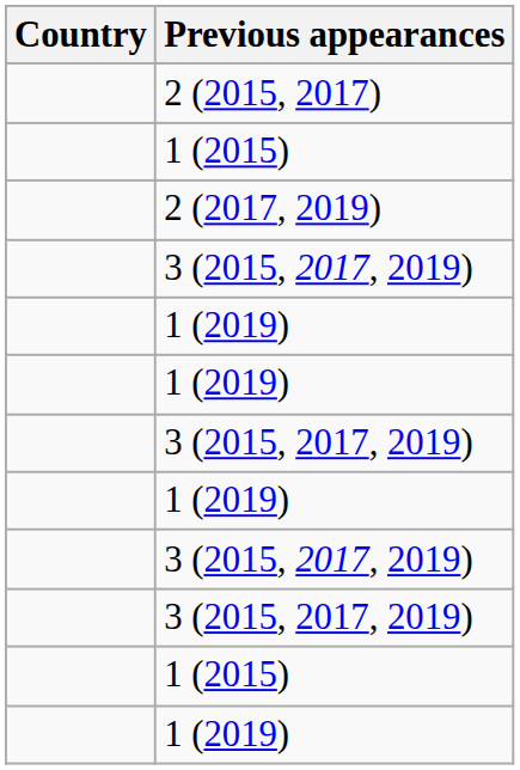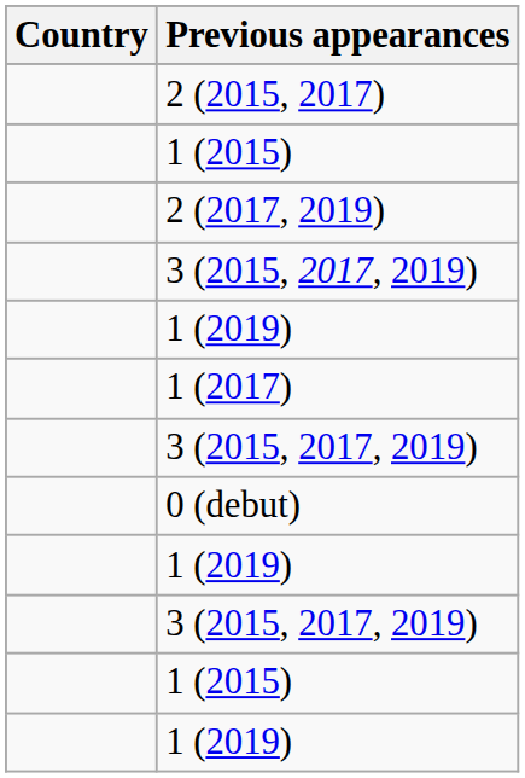 <table class="wikitable sortable">
 <tr>
 <th>Country</th>
 <th>Previous appearances</th>
 </tr>
 <tr>
 <td></td>
 <td>2 (<a href='#'>2015</a>, <a href='#'>2017</a>)</td>
 </tr>
 <tr>
 <td></td>
 <td>1 (<a href='#'>2015</a>)</td>
 </tr>
 <tr>
 <td></td>
 <td>2 (<a href='#'>2017</a>, <a href='#'>2019</a>)</td>
 </tr>
 <tr>
 <td></td>
 <td>3 (<a href='#'>2015</a>, <em><a href='#'>2017</a></em>, <a href='#'>2019</a>)</td>
 </tr>
 <tr>
 <td></td>
 <td>1 (<a href='#'>2019</a>)</td>
 </tr>
 <tr>
 <td></td>
-<td>1 (<a href='#'>2019</a>)</td>
+<td>1 (<a href='#'>2017</a>)</td>
 </tr>
 <tr>
 <td></td>
 <td>3 (<a href='#'>2015</a>, <a href='#'>2017</a>, <a href='#'>2019</a>)</td>
 </tr>
 <tr>
 <td></td>
-<td>1 (<a href='#'>2019</a>)</td>
+<td>0 (debut)</td>
 </tr>
 <tr>
 <td></td>
-<td>3 (<a href='#'>2015</a>, <em><a href='#'>2017</a></em>, <a href='#'>2019</a>)</td>
+<td>1 (<a href='#'>2019</a>)</td>
 </tr>
 <tr>
 <td></td>
 <td>3 (<a href='#'>2015</a>, <a href='#'>2017</a>, <a href='#'>2019</a>)</td>
 </tr>
 <tr>
 <td></td>
 <td>1 (<a href='#'>2015</a>)</td>
 </tr>
 <tr>
 <td></td>
 <td>1 (<a href='#'>2019</a>)</td>
 </tr>
 </table>
